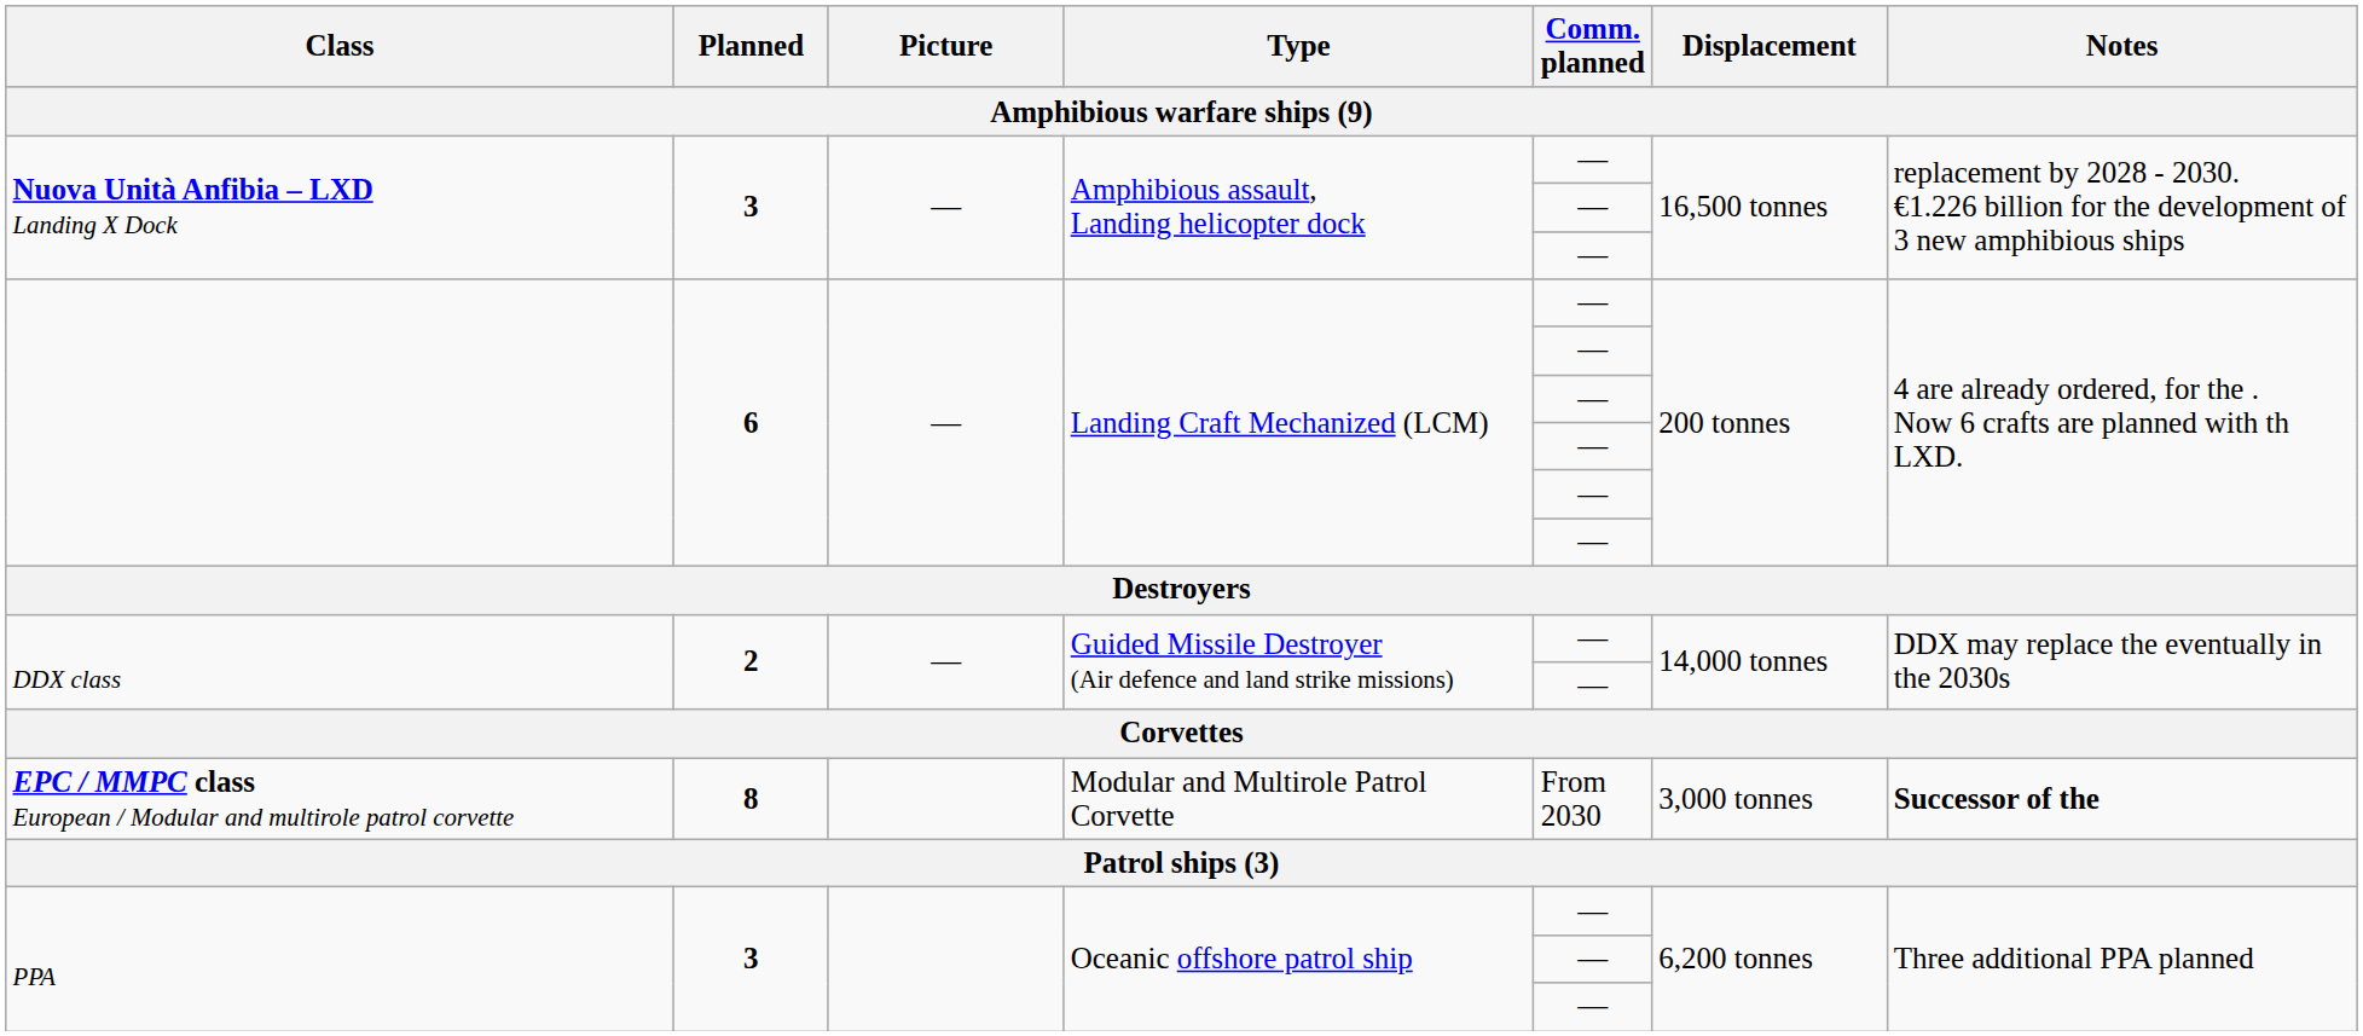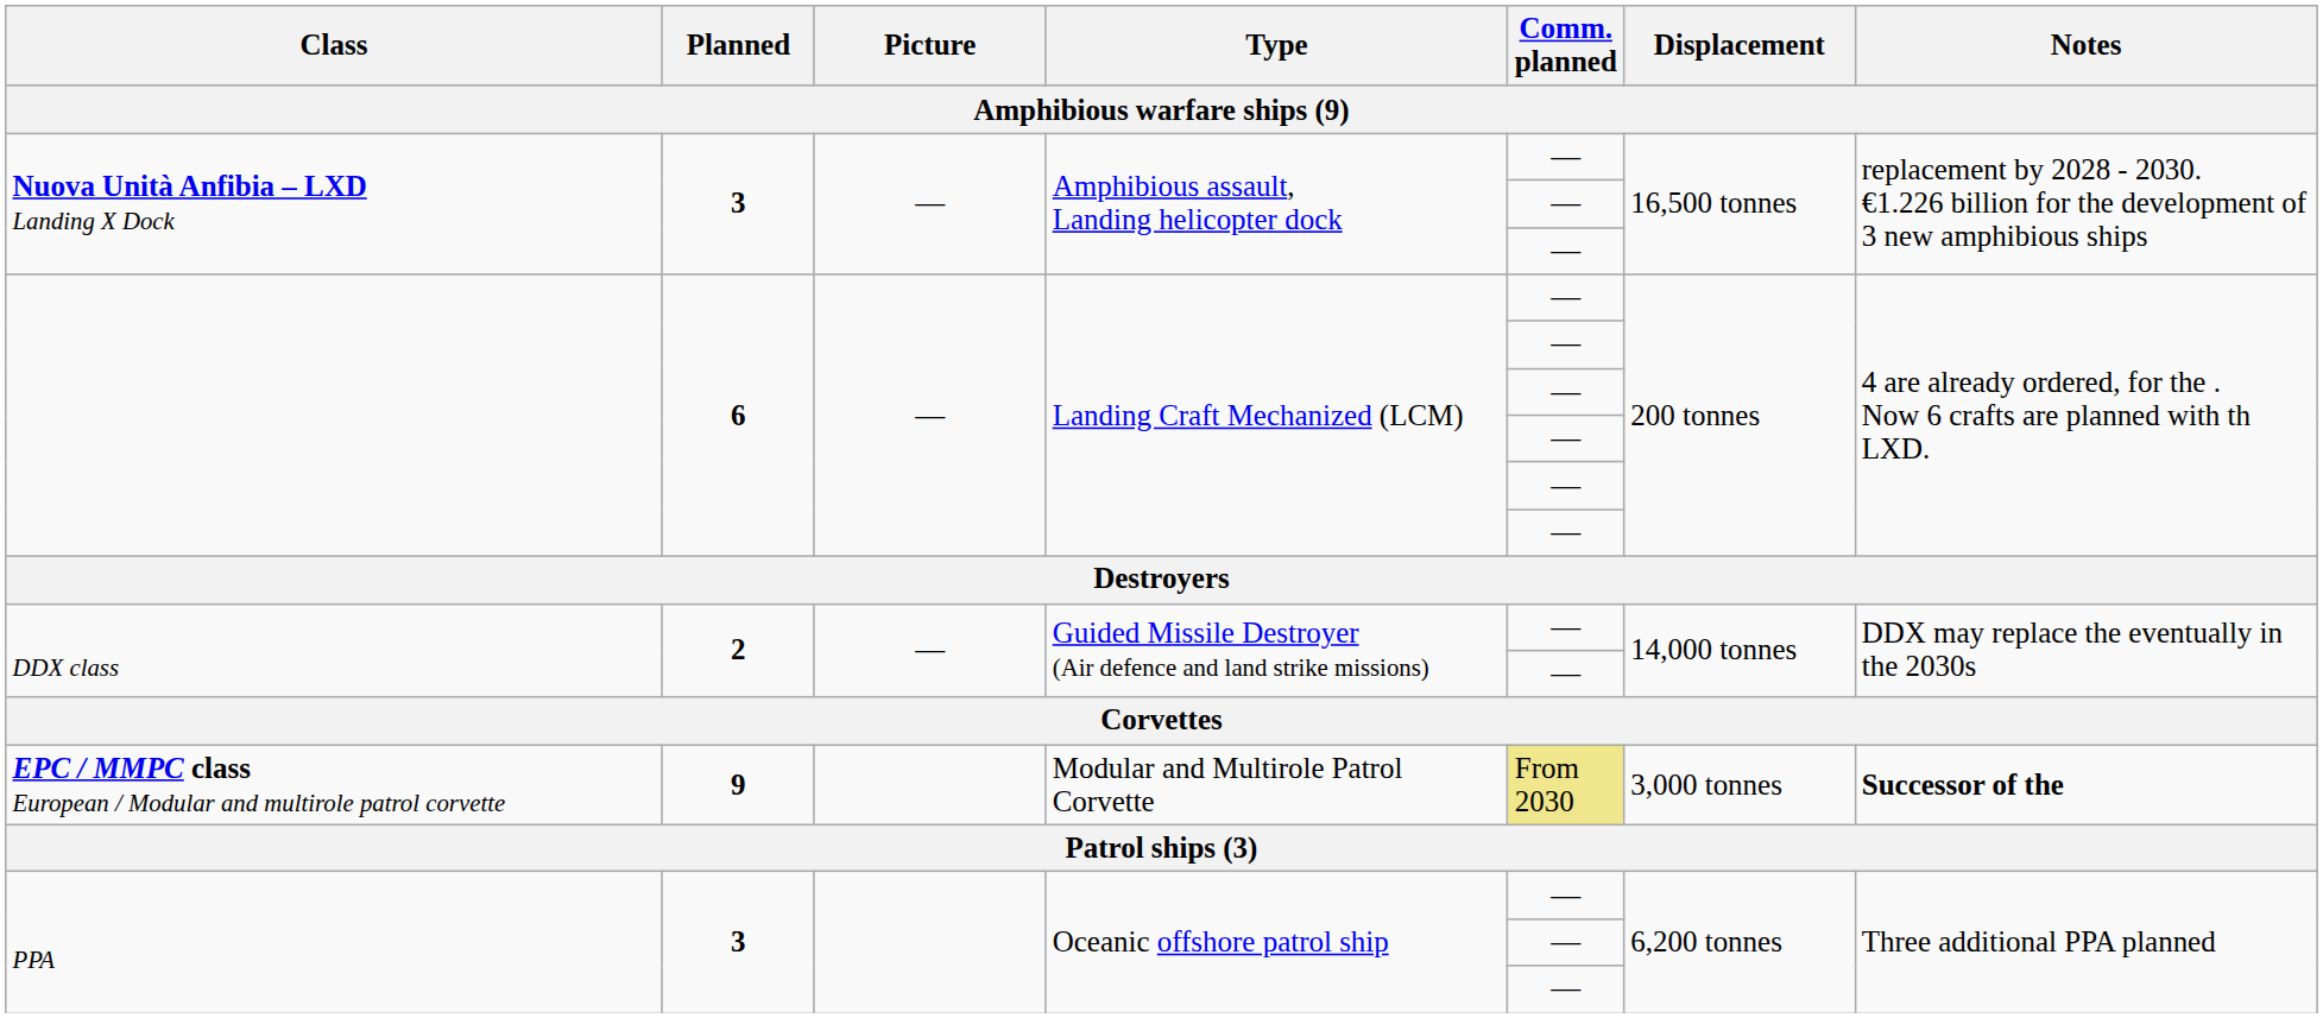 <table class="wikitable">
 <tr>
 <th>Class</th>
 <th>Planned</th>
 <th style="width:10%;">Picture</th>
 <th style="width:20%;">Type</th>
 <th style="width: 5%;"><a href='#'>Comm.</a> planned</th>
 <th style="width:10%;">Displacement</th>
 <th style="width:20%;">Notes</th>
 </tr>
 <tr>
 <th colspan="7">Amphibious warfare ships (9)</th>
 </tr>
 <tr>
 <td rowspan="3"><a href='#'><strong>Nuova Unità Anfibia – LXD</strong></a><br><small><em>Landing X Dock</em></small></td>
 <td rowspan="3" style="text-align: center;"><strong>3</strong></td>
 <td rowspan="3" style="text-align: center;">—</td>
 <td rowspan="3"><a href='#'>Amphibious assault</a>,<br><a href='#'>Landing helicopter dock</a></td>
 <td style="text-align: center;">—</td>
 <td rowspan="3">16,500 tonnes</td>
 <td rowspan="3"> replacement by 2028 - 2030.<br>€1.226 billion for the development of 3 new amphibious ships </td>
 </tr>
 <tr>
 <td style="text-align: center;">—</td>
 </tr>
 <tr>
 <td style="text-align: center;">—</td>
 </tr>
 <tr>
 <td rowspan="6"><strong></strong></td>
 <td rowspan="6" style="text-align: center;"><strong>6</strong></td>
 <td rowspan="6" style="text-align: center;">—</td>
 <td rowspan="6"><a href='#'>Landing Craft Mechanized</a> (LCM)</td>
 <td style="text-align: center;">—</td>
 <td rowspan="6">200 tonnes</td>
 <td rowspan="6">4 are already ordered, for the .<br>Now 6 crafts are planned with th LXD.</td>
 </tr>
 <tr>
 <td style="text-align: center;">—</td>
 </tr>
 <tr>
 <td style="text-align: center;">—</td>
 </tr>
 <tr>
 <td style="text-align: center;">—</td>
 </tr>
 <tr>
 <td style="text-align: center;">—</td>
 </tr>
 <tr>
 <td style="text-align: center;">—</td>
 </tr>
 <tr>
 <th colspan="7">Destroyers</th>
 </tr>
 <tr>
 <td rowspan="2"><strong></strong><br><small><em>DDX class</em></small></td>
 <td rowspan="2" style="text-align: center;"><strong>2</strong></td>
 <td rowspan="2" style="text-align: center;">—</td>
 <td rowspan="2"><a href='#'>Guided Missile Destroyer</a><br><small>(Air defence and land strike missions)</small></td>
 <td style="text-align: center;">—</td>
 <td rowspan="2">14,000 tonnes</td>
 <td rowspan="2">DDX may replace the  eventually in the 2030s </td>
 </tr>
 <tr>
 <td style="text-align: center;">—</td>
 </tr>
 <tr>
 <th colspan="7">Corvettes</th>
 </tr>
 <tr>
 <td><strong><a href='#'><em>EPC / MMPC</em></a> class</strong><br><small><em>European / Modular and multirole patrol corvette</em></small></td>
-<td style="text-align: center;"><strong>8</strong></td>
+<td style="text-align: center;"><strong>9</strong></td>
 <td></td>
 <td>Modular and Multirole Patrol Corvette</td>
-<td>From 2030</td>
+<td style="background: khaki;">From 2030</td>
 <td>3,000 tonnes</td>
 <td><strong>Successor of the  </strong></td>
 </tr>
 <tr>
 <th colspan="7"><strong>Patrol ships (3)</strong></th>
 </tr>
 <tr>
 <td rowspan="3"><strong></strong><br><small><em>PPA</em></small></td>
 <td rowspan="3" style="text-align: center;"><strong>3</strong></td>
 <td rowspan="3"></td>
 <td rowspan="3">Oceanic <a href='#'>offshore patrol ship</a></td>
 <td style="text-align: center;">—</td>
 <td rowspan="3">6,200 tonnes</td>
 <td rowspan="3">Three additional PPA planned </td>
 </tr>
 <tr>
 <td style="text-align: center;">—</td>
 </tr>
 <tr>
 <td style="text-align: center;">—</td>
 </tr>
 </table>
